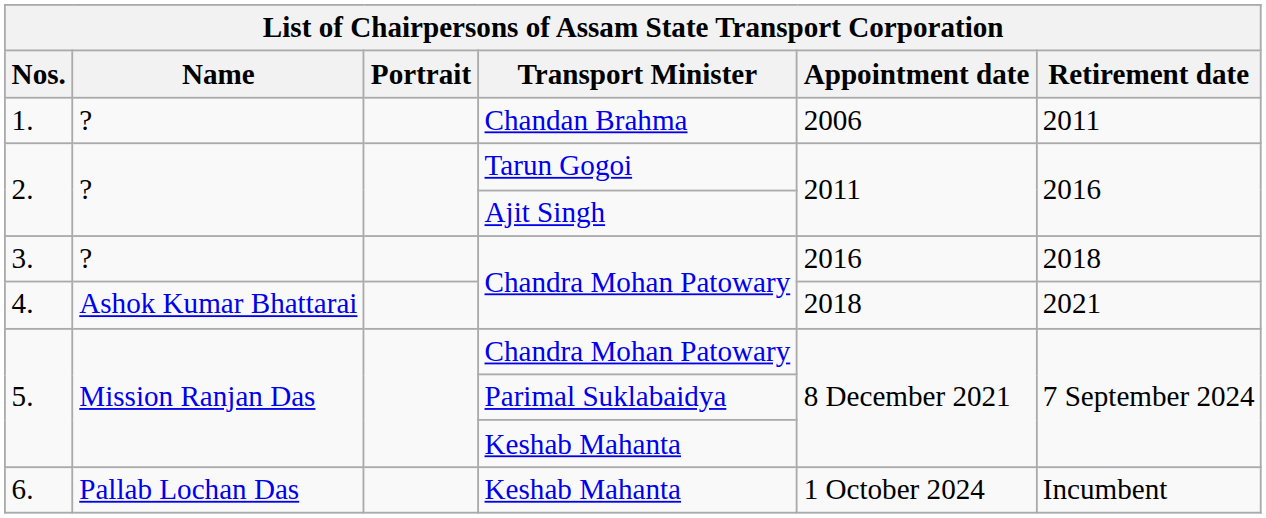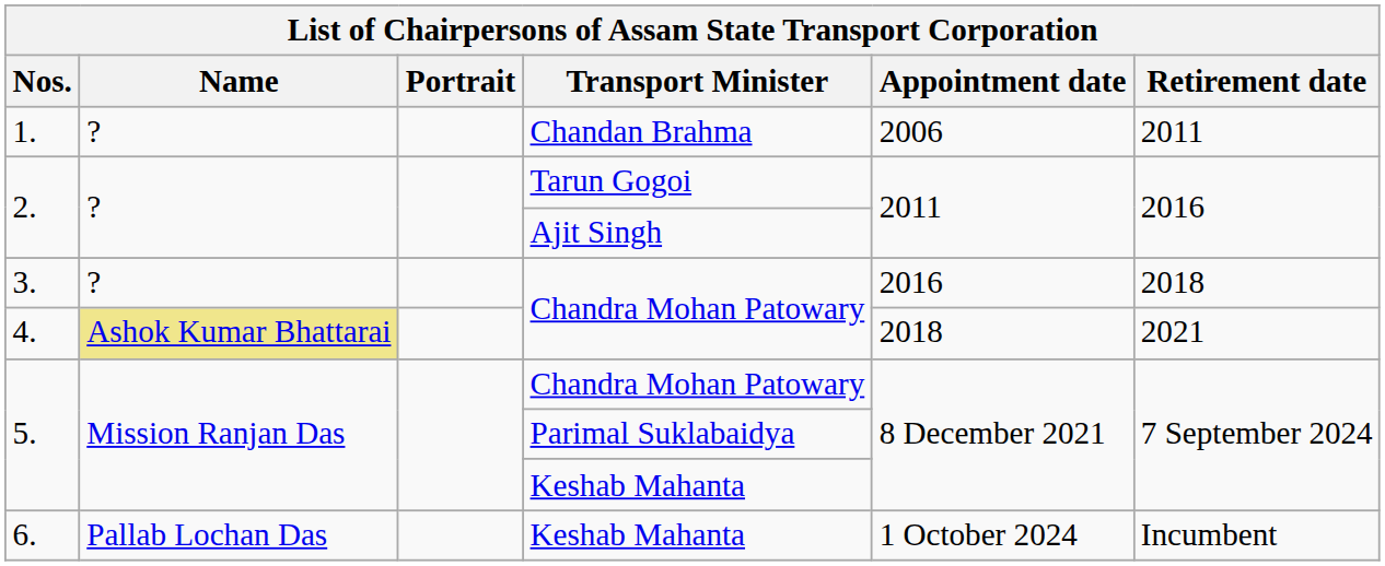 <table class="wikitable">
 <tr>
 <th colspan="6">List of Chairpersons of Assam State Transport Corporation</th>
 </tr>
 <tr>
 <th>Nos.</th>
 <th>Name</th>
 <th>Portrait</th>
 <th>Transport Minister</th>
 <th>Appointment date</th>
 <th>Retirement date</th>
 </tr>
 <tr>
 <td>1.</td>
 <td>?</td>
 <td></td>
 <td rowspan="2"><a href='#'>Chandan Brahma</a></td>
 <td>2006</td>
 <td>2011</td>
 </tr>
 <tr>
 <td rowspan="3">2.</td>
 <td rowspan="3">?</td>
 <td rowspan="3"></td>
 <td rowspan="3">2011</td>
 <td rowspan="3">2016</td>
 </tr>
 <tr>
 <td><a href='#'>Tarun Gogoi</a></td>
 </tr>
 <tr>
 <td><a href='#'>Ajit Singh</a></td>
 </tr>
 <tr>
 <td>3.</td>
 <td>?</td>
 <td></td>
 <td rowspan="2"><a href='#'>Chandra Mohan Patowary</a></td>
 <td>2016</td>
 <td>2018</td>
 </tr>
 <tr>
 <td>4.</td>
-<td><a href='#'>Ashok Kumar Bhattarai</a></td>
+<td style="background: khaki;"><a href='#'>Ashok Kumar Bhattarai</a></td>
 <td></td>
 <td>2018</td>
 <td>2021</td>
 </tr>
 <tr>
 <td rowspan="3">5.</td>
 <td rowspan="3"><a href='#'>Mission Ranjan Das</a></td>
 <td rowspan="3"></td>
 <td><a href='#'>Chandra Mohan Patowary</a></td>
 <td rowspan="3">8 December 2021</td>
 <td rowspan="3">7 September 2024</td>
 </tr>
 <tr>
 <td><a href='#'>Parimal Suklabaidya</a></td>
 </tr>
 <tr>
 <td><a href='#'>Keshab Mahanta</a></td>
 </tr>
 <tr>
 <td rowspan="1">6.</td>
 <td rowspan="1"><a href='#'>Pallab Lochan Das</a></td>
 <td rowspan="1"></td>
 <td><a href='#'>Keshab Mahanta</a></td>
 <td rowspan="1">1 October 2024</td>
 <td rowspan="1">Incumbent</td>
 </tr>
 </table>
